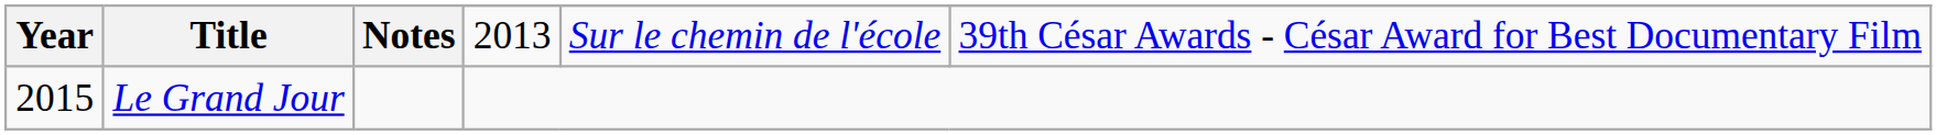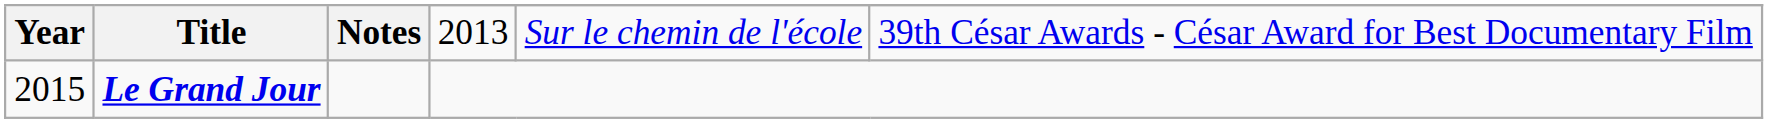 <table class="wikitable sortable">
 <tr>
 <th rowspan=2 width="33">Year</th>
 <th rowspan=2>Title</th>
 <th rowspan=2>Notes</th>
 </tr>
 <tr>
 <td align="center">2013</td>
 <td align="left"><em><a href='#'>Sur le chemin de l'école</a></em></td>
 <td><a href='#'>39th César Awards</a> - <a href='#'>César Award for Best Documentary Film</a></td>
 </tr>
 <tr>
 <td align="center">2015</td>
-<td align="left"><em><a href='#'>Le Grand Jour</a></em></td>
+<td align="left"><strong><em><a href='#'>Le Grand Jour</a></em></strong></td>
 <td></td>
 </tr>
 </table>
